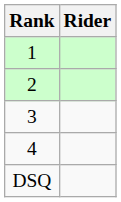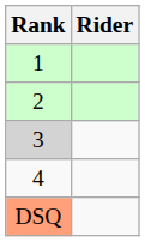 <table class="wikitable" style="font-size:95%" style="width:25em;">
 <tr>
 <th>Rank</th>
 <th>Rider</th>
 </tr>
 <tr bgcolor=ccffcc>
 <td align=center>1</td>
 <td></td>
 </tr>
 <tr bgcolor=ccffcc>
 <td align=center>2</td>
 <td></td>
 </tr>
 <tr>
-<td align=center>3</td>
+<td align=center style="background: lightgrey;">3</td>
 <td></td>
 </tr>
 <tr>
 <td align=center>4</td>
 <td></td>
 </tr>
 <tr>
-<td align=center>DSQ</td>
+<td align=center style="background: lightsalmon;">DSQ</td>
 <td></td>
 </tr>
 </table>
